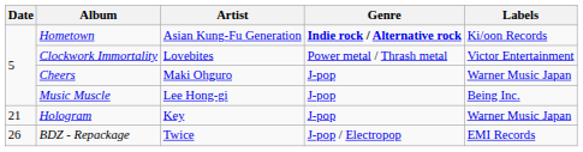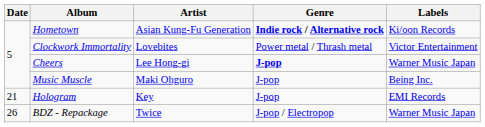 <table class="wikitable">
 <tr>
 <th>Date</th>
 <th>Album</th>
 <th>Artist</th>
 <th>Genre</th>
 <th>Labels</th>
 </tr>
 <tr>
 <td rowspan="4">5</td>
 <td><em><a href='#'>Hometown</a></em></td>
 <td><a href='#'>Asian Kung-Fu Generation</a></td>
 <td><strong><a href='#'>Indie rock</a> / <a href='#'>Alternative rock</a></strong></td>
 <td><a href='#'>Ki/oon Records</a></td>
 </tr>
 <tr>
 <td><em><a href='#'>Clockwork Immortality</a></em></td>
 <td><a href='#'>Lovebites</a></td>
 <td><a href='#'>Power metal</a> / <a href='#'>Thrash metal</a></td>
 <td><a href='#'>Victor Entertainment</a></td>
 </tr>
 <tr>
 <td><em><a href='#'>Cheers</a></em></td>
-<td><a href='#'>Maki Ohguro</a></td>
-<td><a href='#'>J-pop</a></td>
+<td><a href='#'>Lee Hong-gi</a></td>
+<td><strong><a href='#'>J-pop</a></strong></td>
 <td><a href='#'>Warner Music Japan</a></td>
 </tr>
 <tr>
 <td><em><a href='#'>Music Muscle</a></em></td>
-<td><a href='#'>Lee Hong-gi</a></td>
+<td><a href='#'>Maki Ohguro</a></td>
 <td><a href='#'>J-pop</a></td>
 <td><a href='#'>Being Inc.</a></td>
 </tr>
 <tr>
 <td>21</td>
 <td><em><a href='#'>Hologram</a></em></td>
 <td><a href='#'>Key</a></td>
 <td><a href='#'>J-pop</a></td>
-<td><a href='#'>Warner Music Japan</a></td>
+<td><a href='#'>EMI Records</a></td>
 </tr>
 <tr>
 <td>26</td>
 <td><em>BDZ - Repackage</em></td>
 <td><a href='#'>Twice</a></td>
 <td><a href='#'>J-pop</a> / <a href='#'>Electropop</a></td>
-<td><a href='#'>EMI Records</a></td>
+<td><a href='#'>Warner Music Japan</a></td>
 </tr>
 </table>
